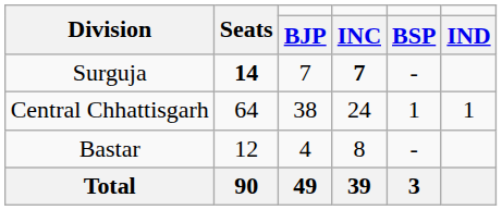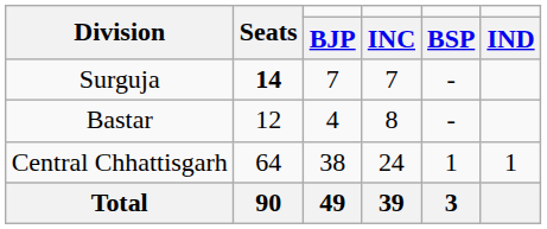 <table class="wikitable" style="text-align:center;">
 <tr>
 <th rowspan="2">Division</th>
 <th rowspan="2">Seats</th>
 <td></td>
 <td></td>
 <td></td>
 <td></td>
 </tr>
 <tr>
 <th><a href='#'>BJP</a></th>
 <th><a href='#'>INC</a></th>
 <th><a href='#'>BSP</a></th>
 <th><a href='#'>IND</a></th>
 </tr>
 <tr>
 <td>Surguja</td>
 <td><strong>14</strong></td>
 <td>7</td>
-<td><strong>7</strong></td>
+<td>7</td>
+<td>-</td>
+<td></td>
+</tr>
+<tr>
+<td>Bastar</td>
+<td>12</td>
+<td>4</td>
+<td>8</td>
 <td>-</td>
 <td></td>
 </tr>
 <tr>
 <td>Central Chhattisgarh</td>
 <td>64</td>
 <td>38</td>
 <td>24</td>
 <td>1</td>
 <td>1</td>
 </tr>
 <tr>
-<td>Bastar</td>
-<td>12</td>
-<td>4</td>
-<td>8</td>
-<td>-</td>
-<td></td>
-</tr>
-<tr>
 <th>Total</th>
 <th>90</th>
 <th>49</th>
 <th>39</th>
 <th>3</th>
 <th></th>
 </tr>
 </table>
